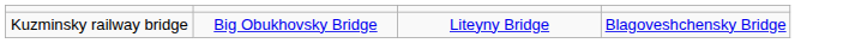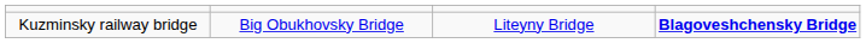 <table Class = "wikitable" style = "text-align: center">
 <tr>
 <td style="width:24%;"></td>
 <td style="width:26%;"></td>
 <td style="width:26%;"></td>
 <td style="width:24%;"></td>
 </tr>
 <tr>
 <td>Kuzminsky railway bridge</td>
 <td><a href='#'>Big Obukhovsky Bridge</a></td>
 <td><a href='#'>Liteyny Bridge</a></td>
-<td><a href='#'>Blagoveshchensky Bridge</a></td>
+<td><strong><a href='#'>Blagoveshchensky Bridge</a></strong></td>
 </tr>
 </table>
